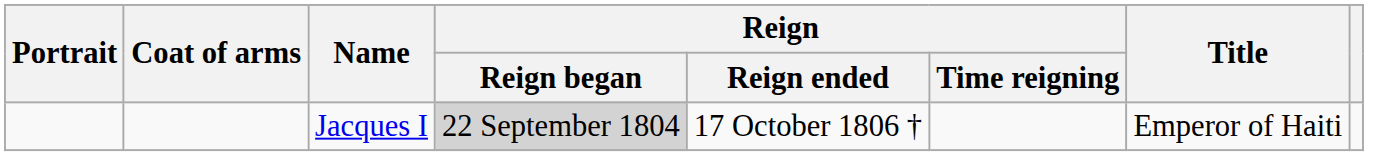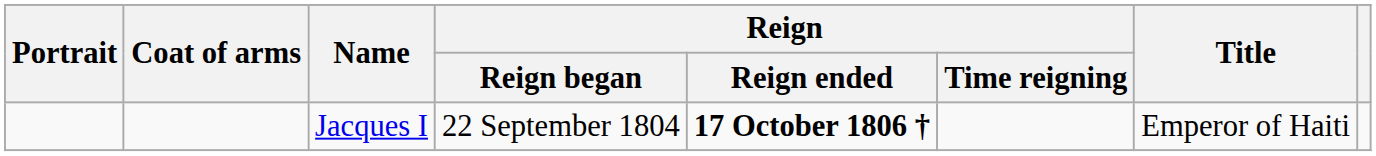 <table class="wikitable" style="text-align:center">
 <tr>
 <th rowspan=2>Portrait</th>
 <th rowspan=2>Coat of arms</th>
 <th rowspan=2>Name<br></th>
 <th colspan=3>Reign</th>
 <th rowspan=2>Title</th>
 <th rowspan=2></th>
 </tr>
 <tr>
 <th>Reign began</th>
 <th>Reign ended</th>
 <th>Time reigning</th>
 </tr>
 <tr>
 <td></td>
 <td></td>
 <td><a href='#'>Jacques I</a><br></td>
-<td style="background: lightgrey;">22 September 1804</td>
-<td>17 October 1806 †</td>
+<td>22 September 1804</td>
+<td><strong>17 October 1806 †</strong></td>
 <td></td>
 <td>Emperor of Haiti<br></td>
 <td></td>
 </tr>
 </table>
